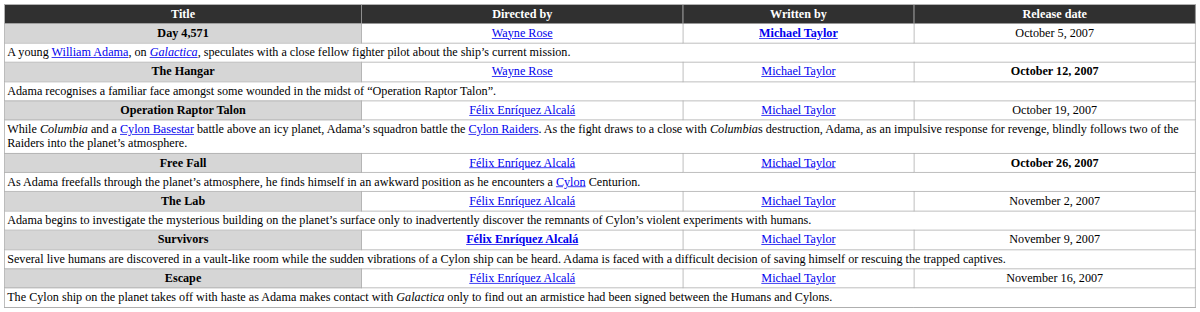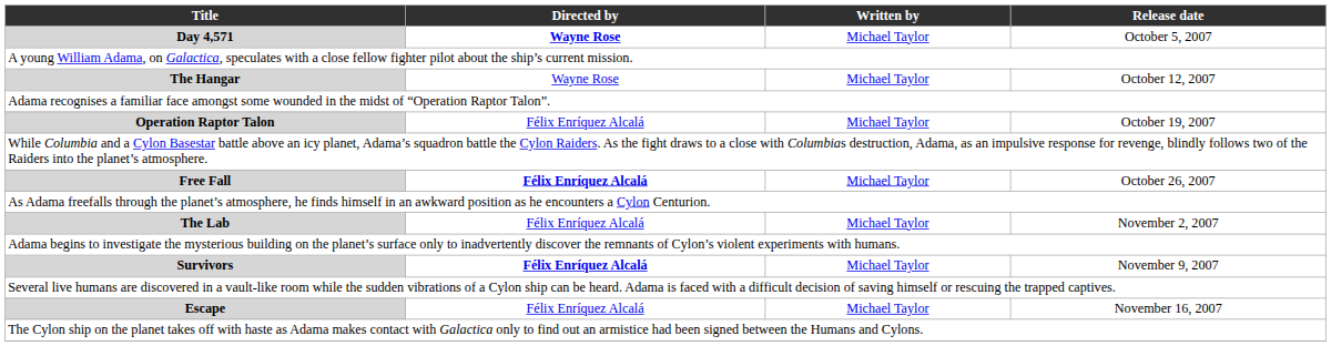 <table class="wikitable" style="background: #FFFFFF;">
 <tr>
 <th style="background-color:#303030; color:#FFFFFF;">Title</th>
 <th style="background-color:#303030; color:#FFFFFF;">Directed by</th>
 <th style="background-color:#303030; color:#FFFFFF;">Written by</th>
 <th style="background-color:#303030; color:#FFFFFF;">Release date</th>
 </tr>
 <tr align="center">
 <th style="background-color:#D6D6D6;">Day 4,571</th>
-<td><a href='#'>Wayne Rose</a></td>
-<td><strong><a href='#'>Michael Taylor</a></strong></td>
+<td><strong><a href='#'>Wayne Rose</a></strong></td>
+<td><a href='#'>Michael Taylor</a></td>
 <td>October 5, 2007</td>
 </tr>
 <tr>
 <td colspan="4">A young <a href='#'>William Adama</a>, on <em><a href='#'>Galactica</a></em>,  speculates with a close fellow fighter pilot about the ship’s current mission.</td>
 </tr>
 <tr align="center">
 <th style="background-color:#D6D6D6;">The Hangar</th>
 <td><a href='#'>Wayne Rose</a></td>
 <td><a href='#'>Michael Taylor</a></td>
-<td><strong>October 12, 2007</strong></td>
+<td>October 12, 2007</td>
 </tr>
 <tr>
 <td colspan="4">Adama recognises a familiar face amongst some wounded in the midst of “Operation Raptor Talon”.</td>
 </tr>
 <tr align="center">
 <th style="background-color:#D6D6D6;">Operation Raptor Talon</th>
 <td><a href='#'>Félix Enríquez Alcalá</a></td>
 <td><a href='#'>Michael Taylor</a></td>
 <td>October 19, 2007</td>
 </tr>
 <tr>
 <td colspan="4">While <em>Columbia</em> and a <a href='#'>Cylon Basestar</a> battle above an icy planet, Adama’s squadron battle the <a href='#'>Cylon Raiders</a>. As the fight draws to a close with <em>Columbia</em>s destruction, Adama, as an impulsive response for revenge, blindly follows two of the Raiders into the planet’s atmosphere.</td>
 </tr>
 <tr align="center">
 <th style="background-color:#D6D6D6;">Free Fall</th>
-<td><a href='#'>Félix Enríquez Alcalá</a></td>
+<td><strong><a href='#'>Félix Enríquez Alcalá</a></strong></td>
 <td><a href='#'>Michael Taylor</a></td>
-<td><strong>October 26, 2007</strong></td>
+<td>October 26, 2007</td>
 </tr>
 <tr>
 <td colspan="4">As Adama freefalls through the planet’s atmosphere, he finds himself in an awkward position as he encounters a <a href='#'>Cylon</a> Centurion.</td>
 </tr>
 <tr align="center">
 <th style="background-color:#D6D6D6;">The Lab</th>
 <td><a href='#'>Félix Enríquez Alcalá</a></td>
 <td><a href='#'>Michael Taylor</a></td>
 <td>November 2, 2007</td>
 </tr>
 <tr>
 <td colspan="4">Adama begins to investigate the mysterious building on the planet’s surface only to inadvertently discover the remnants of Cylon’s violent experiments with humans.</td>
 </tr>
 <tr align="center">
 <th style="background-color:#D6D6D6;">Survivors</th>
 <td><strong><a href='#'>Félix Enríquez Alcalá</a></strong></td>
 <td><a href='#'>Michael Taylor</a></td>
 <td>November 9, 2007</td>
 </tr>
 <tr>
 <td colspan="4">Several live humans are discovered in a vault-like room while the sudden vibrations of a Cylon ship can be heard. Adama is faced with a difficult decision of saving himself or rescuing the trapped captives.</td>
 </tr>
 <tr align="center">
 <th style="background-color:#D6D6D6;">Escape</th>
 <td><a href='#'>Félix Enríquez Alcalá</a></td>
 <td><a href='#'>Michael Taylor</a></td>
 <td>November 16, 2007</td>
 </tr>
 <tr>
 <td colspan="4">The Cylon ship on the planet takes off with haste as Adama makes contact with <em>Galactica</em> only to find out an armistice had been signed between the Humans and Cylons.</td>
 </tr>
 <tr align="center">
 </tr>
 </table>
